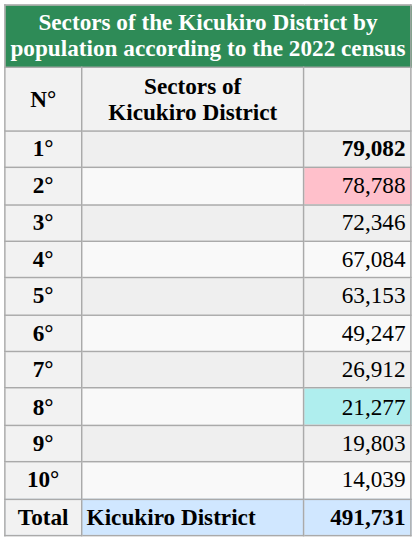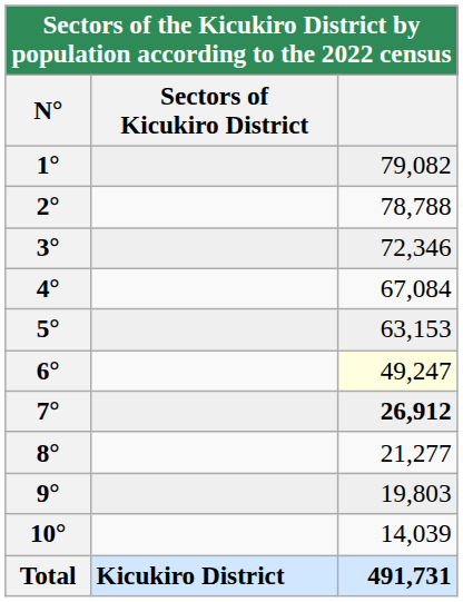 <table class=wikitable style="margin: 1em 1em 0 0; border-collapse: collapse; font-size: 100%;" align="right">
 <tr bgcolor="#35682D" style="color:black">
 <th colspan="3" style="text-align:center; color:white; background:#2E8B57;">Sectors of the Kicukiro District by <br>population according to the 2022 census</th>
 </tr>
 <tr>
 <th>N°</th>
 <th>Sectors of <br> Kicukiro District</th>
 <th></th>
 </tr>
 <tr align="center" style="background:#efefef; color:black">
 <th><strong>1°</strong></th>
 <td align="left"></td>
-<td align="right"><strong>79,082</strong></td>
+<td align="right">79,082</td>
 </tr>
 <tr align="center">
 <th><strong>2°</strong></th>
 <td align="left"></td>
-<td align="right" style="background: pink;">78,788</td>
+<td align="right">78,788</td>
 </tr>
 <tr align="center" style="background:#efefef; color:black">
 <th><strong>3°</strong></th>
 <td align="left"></td>
 <td align="right">72,346</td>
 </tr>
 <tr align="center">
 <th><strong>4°</strong></th>
 <td align="left"></td>
 <td align="right">67,084</td>
 </tr>
 <tr align="center" style="background:#efefef; color:black">
 <th><strong>5°</strong></th>
 <td align="left"></td>
 <td align="right">63,153</td>
 </tr>
 <tr align="center">
 <th><strong>6°</strong></th>
 <td align="left"></td>
-<td align="right">49,247</td>
+<td align="right" style="background: lightyellow;">49,247</td>
 </tr>
 <tr align="center" style="background:#efefef; color:black">
 <th><strong>7°</strong></th>
 <td align="left"></td>
-<td align="right">26,912</td>
+<td align="right"><strong>26,912</strong></td>
 </tr>
 <tr align="center">
 <th><strong>8°</strong></th>
 <td align="left"></td>
-<td align="right" style="background: paleturquoise;">21,277</td>
+<td align="right">21,277</td>
 </tr>
 <tr align="center" style="background:#efefef; color:black">
 <th><strong>9°</strong></th>
 <td align="left"></td>
 <td align="right">19,803</td>
 </tr>
 <tr align="center">
 <th><strong>10°</strong></th>
 <td align="left"></td>
 <td align="right">14,039</td>
 </tr>
 <tr align="center" bgcolor=#D0E7FF>
 <th><strong>Total</strong></th>
 <td align="left"><strong>Kicukiro District</strong></td>
 <td align="right"><strong>491,731</strong></td>
 </tr>
 </table>
